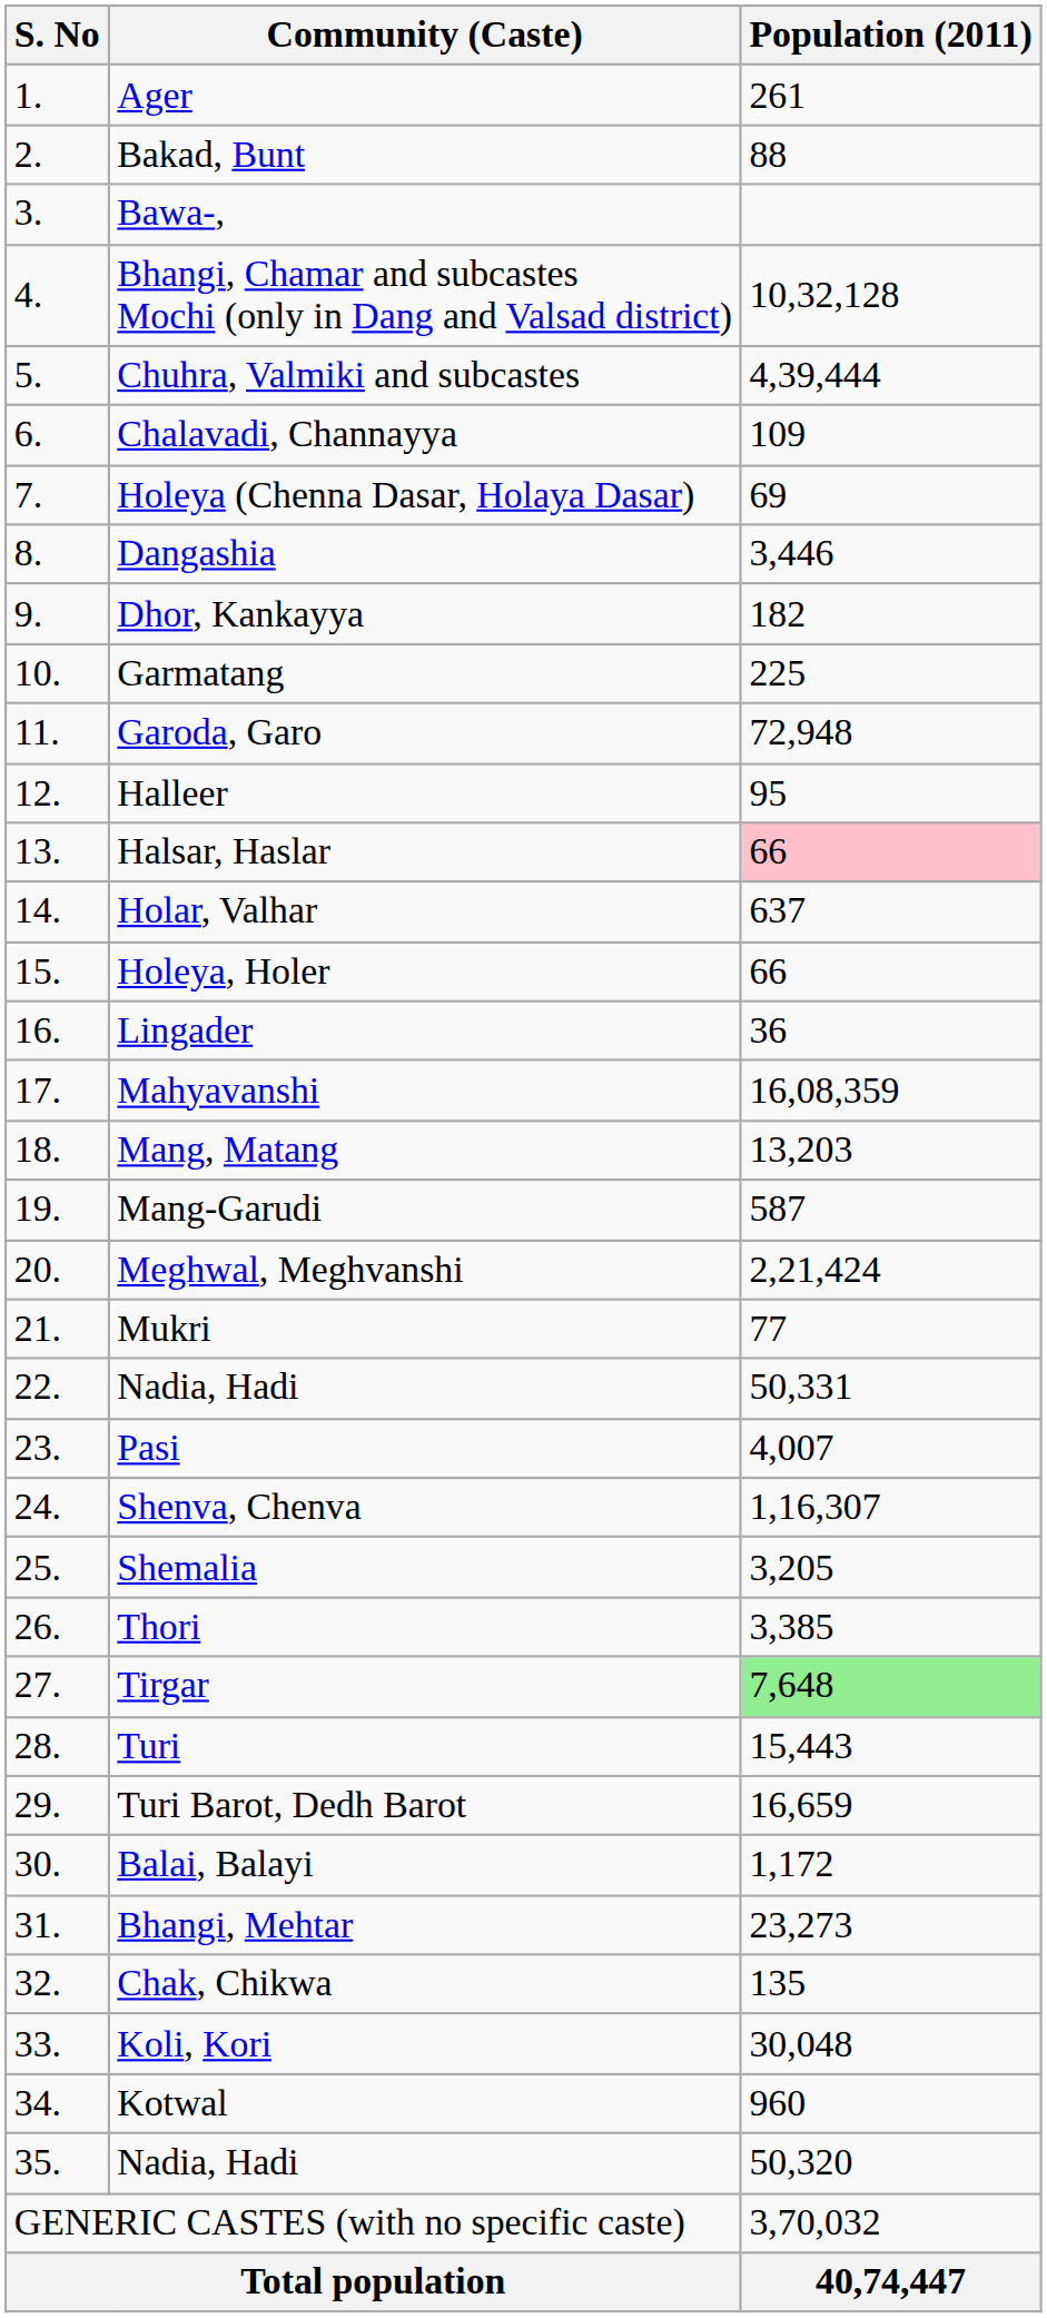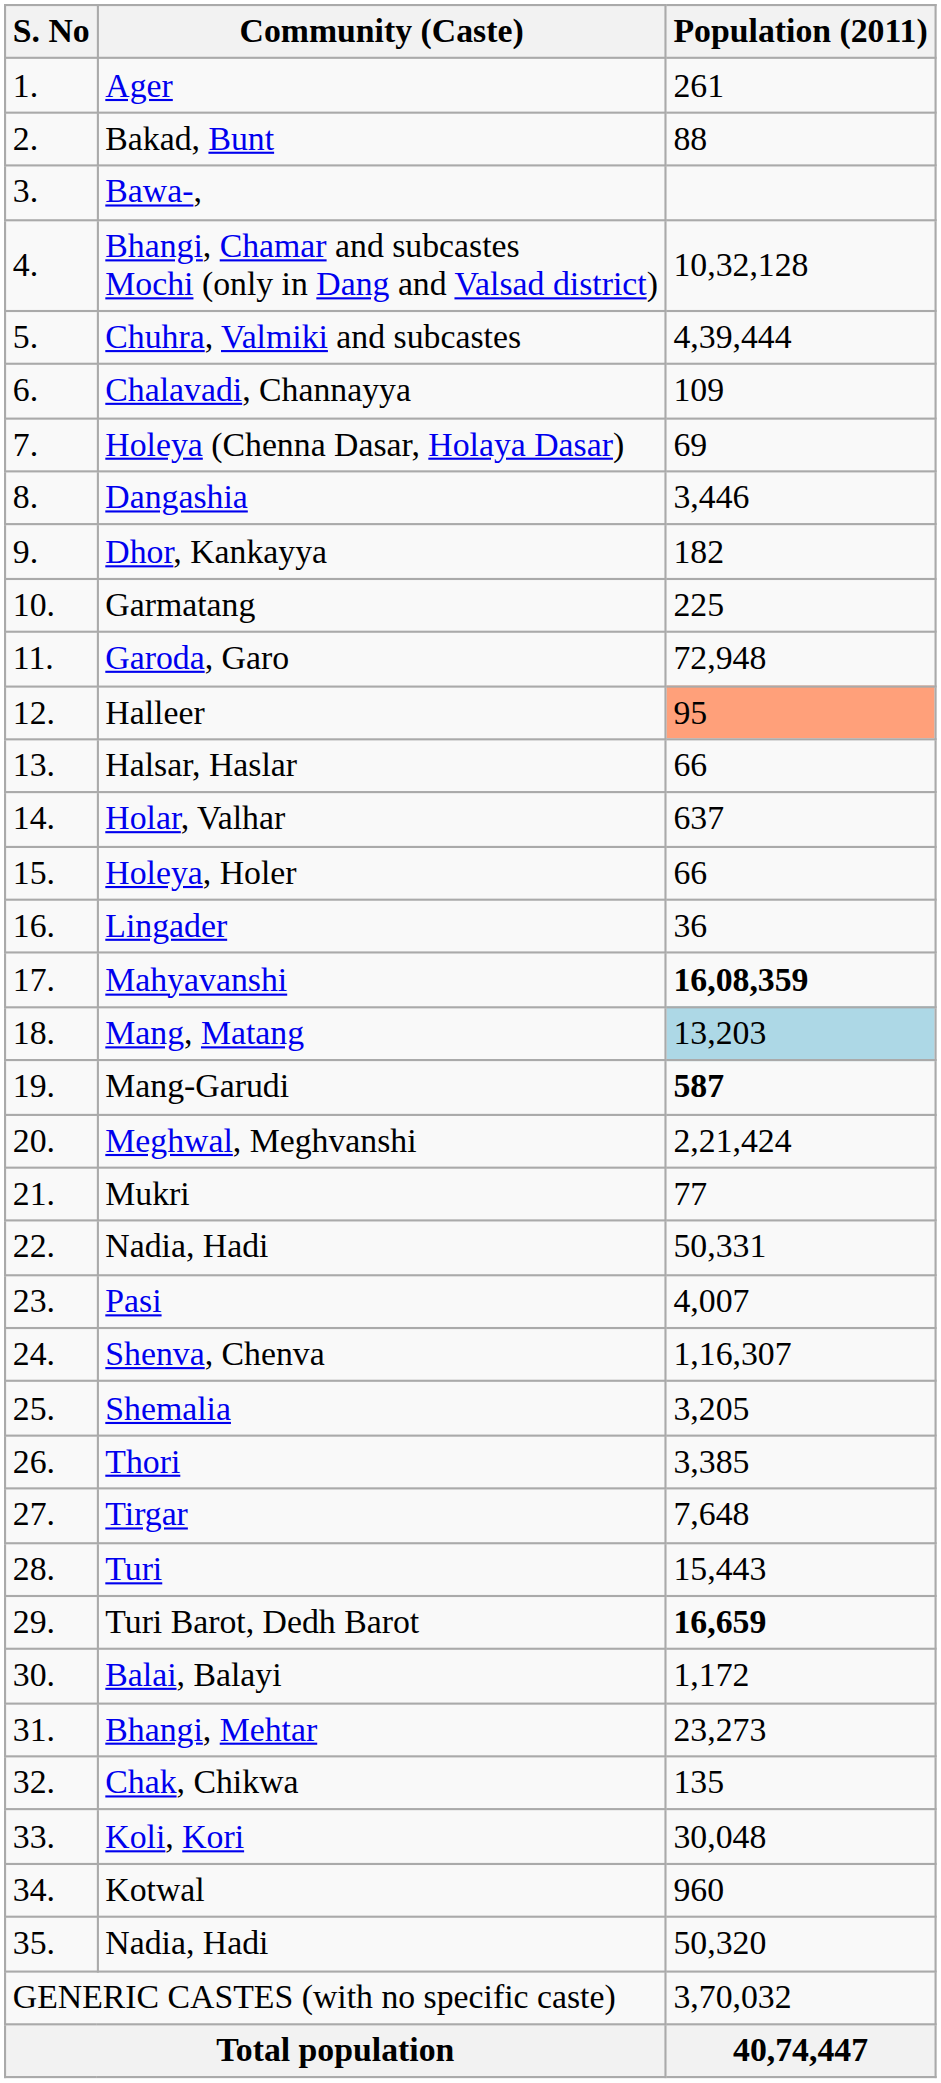 <table class="wikitable">
 <tr>
 <th>S. No</th>
 <th>Community (Caste)</th>
 <th>Population (2011)</th>
 </tr>
 <tr>
 <td>1.</td>
 <td><a href='#'>Ager</a></td>
 <td>261</td>
 </tr>
 <tr>
 <td>2.</td>
 <td>Bakad, <a href='#'>Bunt</a></td>
 <td>88</td>
 </tr>
 <tr>
 <td>3.</td>
 <td><a href='#'>Bawa-</a>,</td>
 <td></td>
 </tr>
 <tr>
 <td>4.</td>
 <td><a href='#'>Bhangi</a>, <a href='#'>Chamar</a> and subcastes<br><a href='#'>Mochi</a> (only in <a href='#'>Dang</a> and <a href='#'>Valsad district</a>)</td>
 <td>10,32,128</td>
 </tr>
 <tr>
 <td>5.</td>
 <td><a href='#'>Chuhra</a>, <a href='#'>Valmiki</a> and subcastes</td>
 <td>4,39,444</td>
 </tr>
 <tr>
 <td>6.</td>
 <td><a href='#'>Chalavadi</a>, Channayya</td>
 <td>109</td>
 </tr>
 <tr>
 <td>7.</td>
 <td><a href='#'>Holeya</a> (Chenna Dasar, <a href='#'>Holaya Dasar</a>)</td>
 <td>69</td>
 </tr>
 <tr>
 <td>8.</td>
 <td><a href='#'>Dangashia</a></td>
 <td>3,446</td>
 </tr>
 <tr>
 <td>9.</td>
 <td><a href='#'>Dhor</a>, Kankayya</td>
 <td>182</td>
 </tr>
 <tr>
 <td>10.</td>
 <td>Garmatang</td>
 <td>225</td>
 </tr>
 <tr>
 <td>11.</td>
 <td><a href='#'>Garoda</a>, Garo</td>
 <td>72,948</td>
 </tr>
 <tr>
 <td>12.</td>
 <td>Halleer</td>
-<td>95</td>
+<td style="background: lightsalmon;">95</td>
 </tr>
 <tr>
 <td>13.</td>
 <td>Halsar, Haslar</td>
-<td style="background: pink;">66</td>
+<td>66</td>
 </tr>
 <tr>
 <td>14.</td>
 <td><a href='#'>Holar</a>, Valhar</td>
 <td>637</td>
 </tr>
 <tr>
 <td>15.</td>
 <td><a href='#'>Holeya</a>, Holer</td>
 <td>66</td>
 </tr>
 <tr>
 <td>16.</td>
 <td><a href='#'>Lingader</a></td>
 <td>36</td>
 </tr>
 <tr>
 <td>17.</td>
 <td><a href='#'>Mahyavanshi</a></td>
-<td>16,08,359</td>
+<td><strong>16,08,359</strong></td>
 </tr>
 <tr>
 <td>18.</td>
 <td><a href='#'>Mang</a>, <a href='#'>Matang</a></td>
-<td>13,203</td>
+<td style="background: lightblue;">13,203</td>
 </tr>
 <tr>
 <td>19.</td>
 <td>Mang-Garudi</td>
-<td>587</td>
+<td><strong>587</strong></td>
 </tr>
 <tr>
 <td>20.</td>
 <td><a href='#'>Meghwal</a>, Meghvanshi</td>
 <td>2,21,424</td>
 </tr>
 <tr>
 <td>21.</td>
 <td>Mukri</td>
 <td>77</td>
 </tr>
 <tr>
 <td>22.</td>
 <td>Nadia, Hadi</td>
 <td>50,331</td>
 </tr>
 <tr>
 <td>23.</td>
 <td><a href='#'>Pasi</a></td>
 <td>4,007</td>
 </tr>
 <tr>
 <td>24.</td>
 <td><a href='#'>Shenva</a>, Chenva</td>
 <td>1,16,307</td>
 </tr>
 <tr>
 <td>25.</td>
 <td><a href='#'>Shemalia</a></td>
 <td>3,205</td>
 </tr>
 <tr>
 <td>26.</td>
 <td><a href='#'>Thori</a></td>
 <td>3,385</td>
 </tr>
 <tr>
 <td>27.</td>
 <td><a href='#'>Tirgar</a></td>
-<td style="background: lightgreen;">7,648</td>
+<td>7,648</td>
 </tr>
 <tr>
 <td>28.</td>
 <td><a href='#'>Turi</a></td>
 <td>15,443</td>
 </tr>
 <tr>
 <td>29.</td>
 <td>Turi Barot, Dedh Barot</td>
-<td>16,659</td>
+<td><strong>16,659</strong></td>
 </tr>
 <tr>
 <td>30.</td>
 <td><a href='#'>Balai</a>, Balayi</td>
 <td>1,172</td>
 </tr>
 <tr>
 <td>31.</td>
 <td><a href='#'>Bhangi</a>, <a href='#'>Mehtar</a></td>
 <td>23,273</td>
 </tr>
 <tr>
 <td>32.</td>
 <td><a href='#'>Chak</a>, Chikwa</td>
 <td>135</td>
 </tr>
 <tr>
 <td>33.</td>
 <td><a href='#'>Koli</a>, <a href='#'>Kori</a></td>
 <td>30,048</td>
 </tr>
 <tr>
 <td>34.</td>
 <td>Kotwal</td>
 <td>960</td>
 </tr>
 <tr>
 <td>35.</td>
 <td>Nadia, Hadi</td>
 <td>50,320</td>
 </tr>
 <tr>
 <td colspan="2">GENERIC CASTES (with no specific caste)</td>
 <td>3,70,032</td>
 </tr>
 <tr>
 <th colspan="2">Total population</th>
 <th>40,74,447</th>
 </tr>
 </table>
